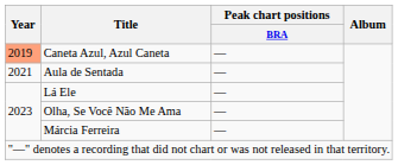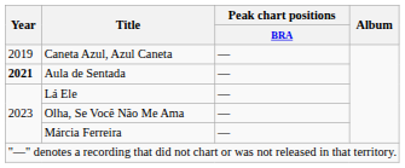 <table class="wikitable">
 <tr>
 <th rowspan="2">Year</th>
 <th rowspan="2">Title</th>
 <th colspan="1">Peak chart positions</th>
 <th rowspan="2">Album</th>
 </tr>
 <tr>
 <th><small><a href='#'>BRA</a></small></th>
 </tr>
 <tr>
-<td style="background: lightsalmon;">2019</td>
+<td>2019</td>
 <td>Caneta Azul, Azul Caneta</td>
 <td>—</td>
 <td rowspan="5"></td>
 </tr>
 <tr>
-<td>2021</td>
+<td><strong>2021</strong></td>
 <td>Aula de Sentada</td>
 <td>—</td>
 </tr>
 <tr>
 <td rowspan="3">2023</td>
 <td>Lá Ele</td>
 <td>—</td>
 </tr>
 <tr>
 <td>Olha, Se Você Não Me Ama</td>
 <td>—</td>
 </tr>
 <tr>
 <td>Márcia Ferreira</td>
 <td>—</td>
 </tr>
 <tr>
 <td colspan="4">"—" denotes a recording that did not chart or was not released in that territory.</td>
 </tr>
 </table>
